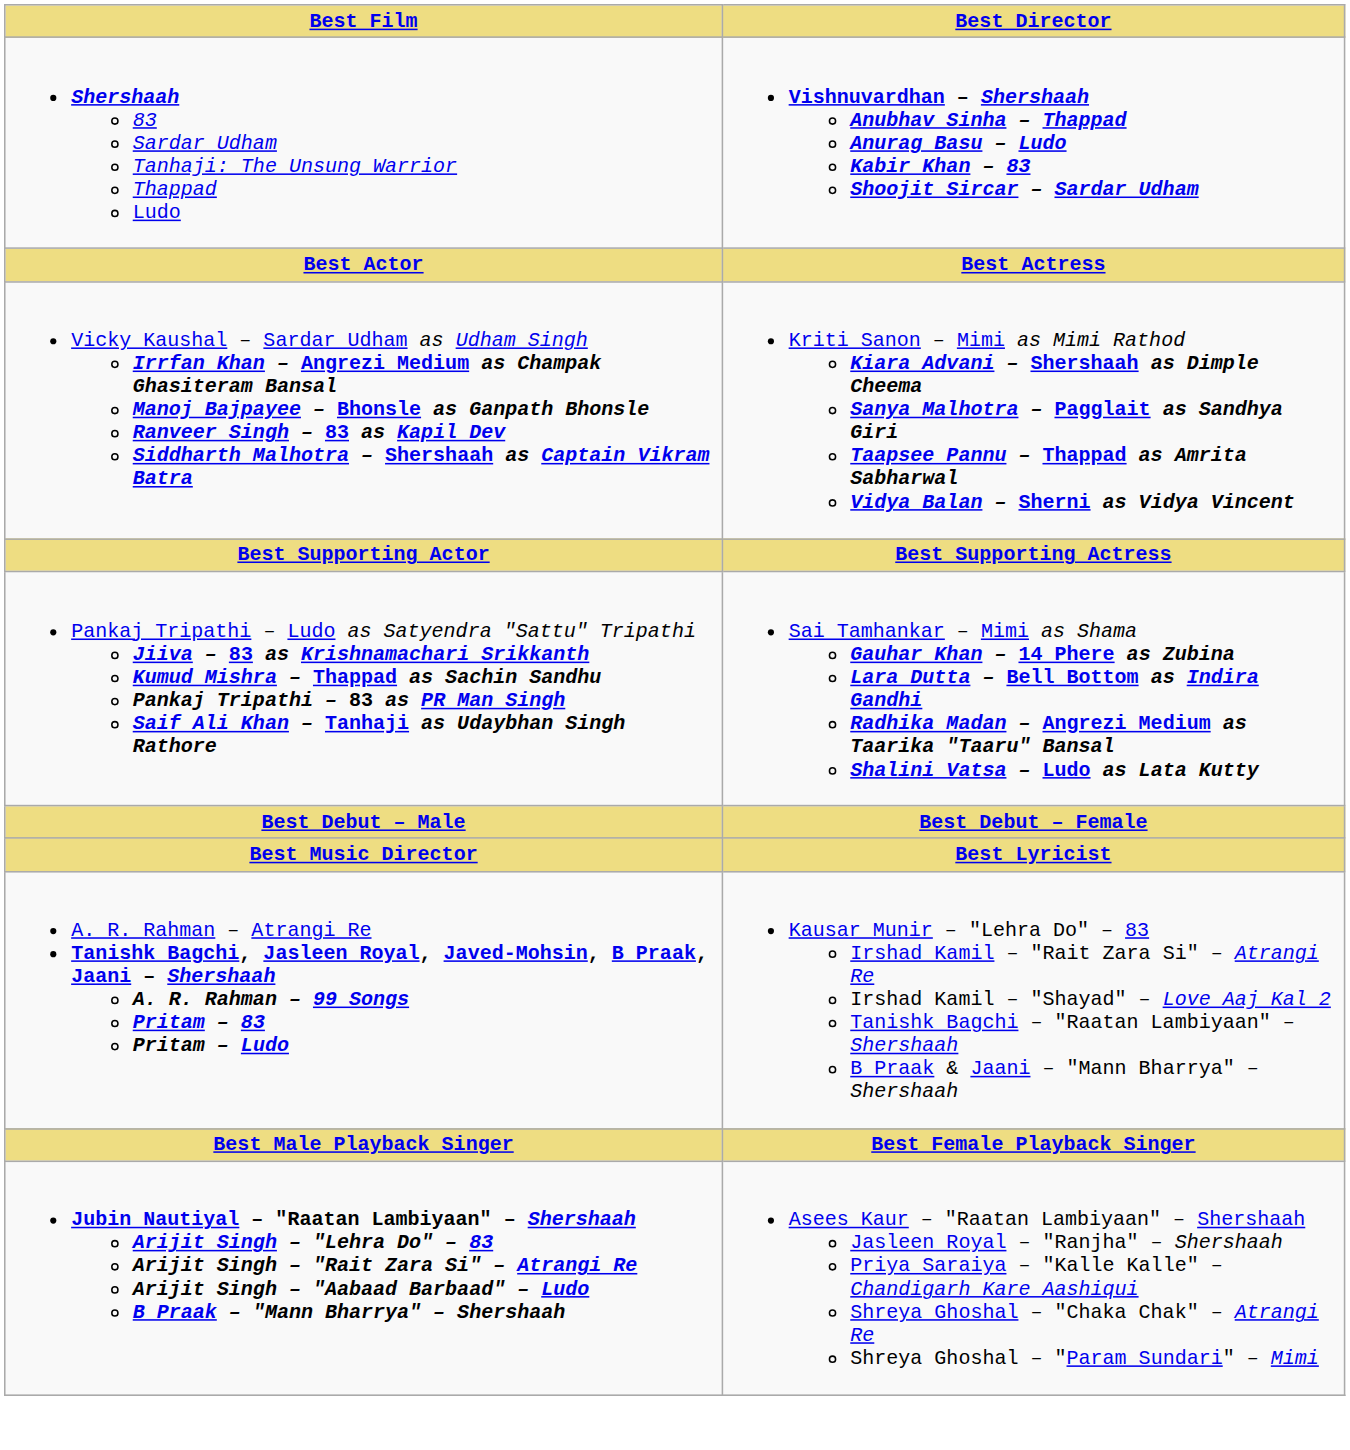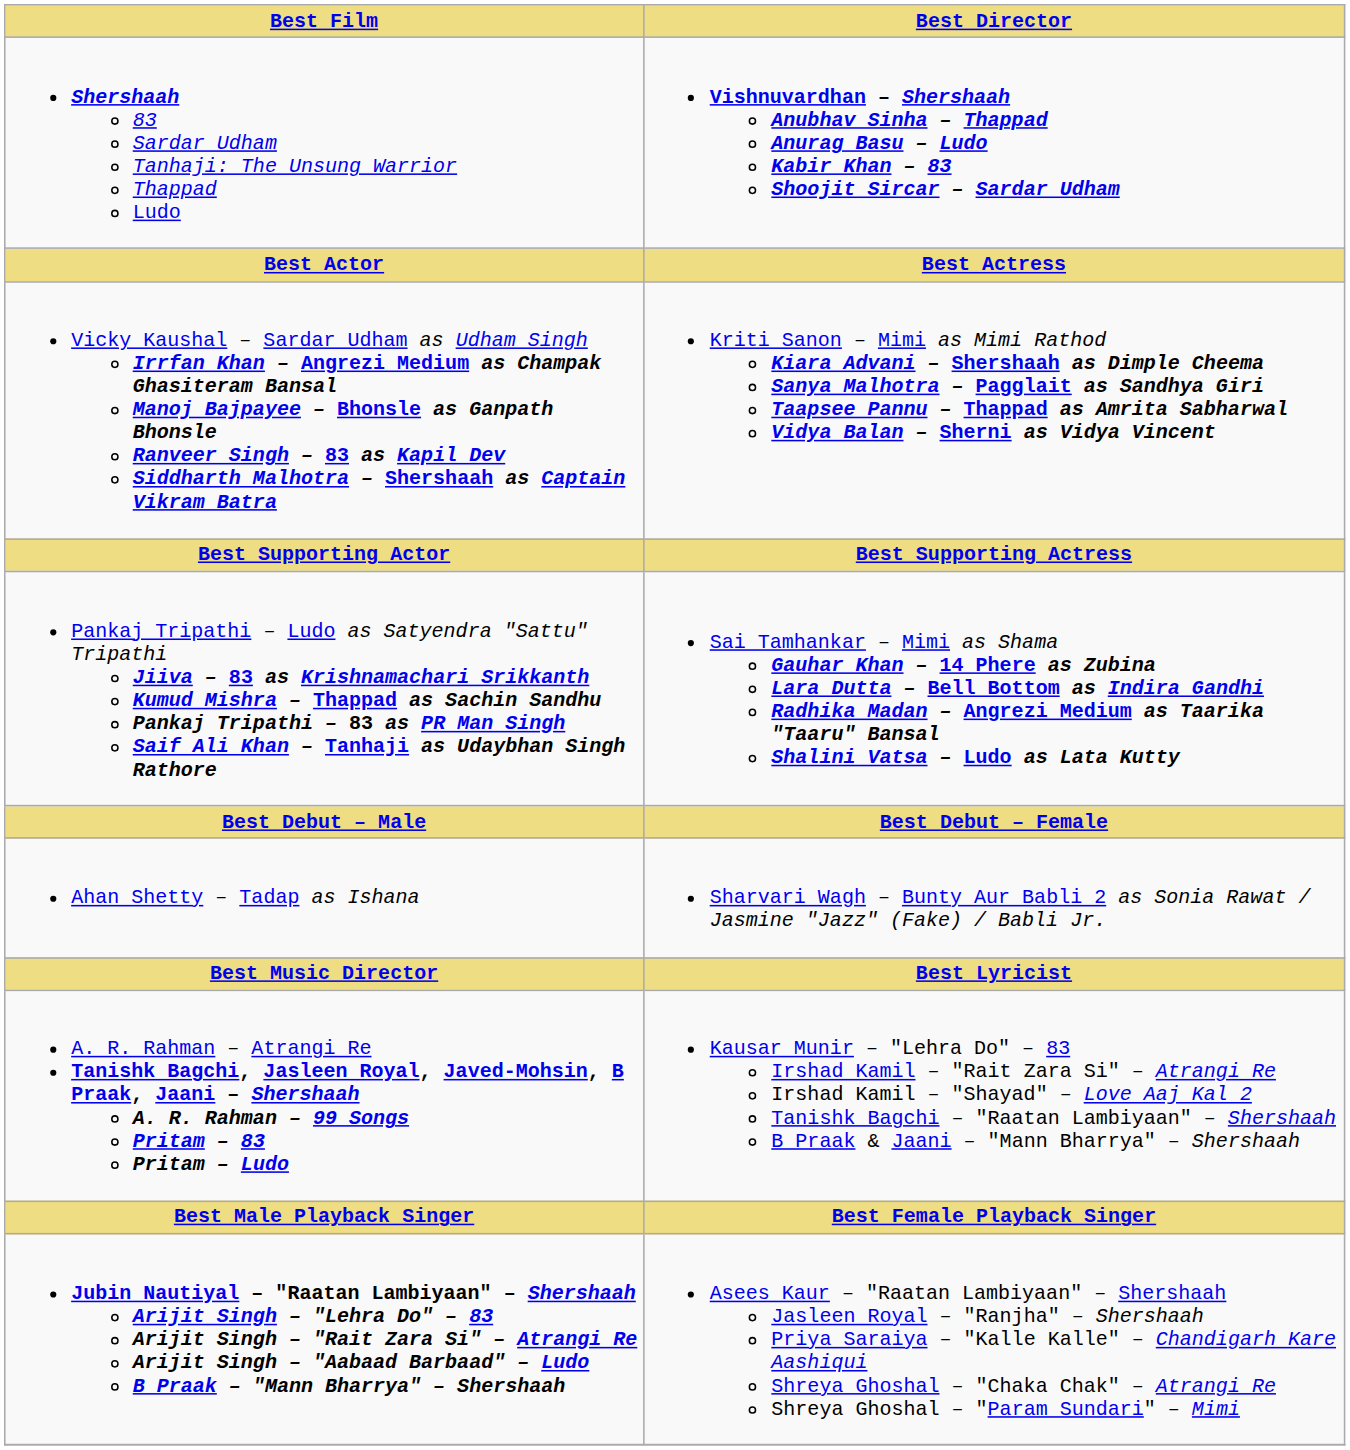 <table class="wikitable">
 <tr>
 <th ! style="background:#EEDD82;text-align:center;"><a href='#'>Best Film</a></th>
 <th ! style="background:#eedd82;text-align:center;"><a href='#'>Best Director</a></th>
 </tr>
 <tr>
 <td valign="top"><br><ul><li><strong><em><a href='#'>Shershaah</a></em></strong><ul><li><em><a href='#'>83</a></em></li><li><em><a href='#'>Sardar Udham</a></em></li><li><em><a href='#'>Tanhaji: The Unsung Warrior</a></em></li><li><em><a href='#'>Thappad</a></em></li><li><a href='#'>Ludo</a></li></ul></li></ul></td>
 <td valign="top"><br><ul><li><strong><a href='#'>Vishnuvardhan</a> – <em><a href='#'>Shershaah</a><strong><em><ul><li><a href='#'>Anubhav Sinha</a> – </em><a href='#'>Thappad</a><em></li><li><a href='#'>Anurag Basu</a> – </em><a href='#'>Ludo</a><em></li><li><a href='#'>Kabir Khan</a> – </em><a href='#'>83</a><em></li><li><a href='#'>Shoojit Sircar</a> – </em><a href='#'>Sardar Udham</a><em></li></ul></li></ul></td>
 </tr>
 <tr>
 <th ! style="background:#EEDD82;text-align:center;"><a href='#'>Best Actor</a></th>
 <th ! style="background:#eedd82;text-align:center;"><a href='#'>Best Actress</a></th>
 </tr>
 <tr>
 <td valign="top"><br><ul><li></strong><a href='#'>Vicky Kaushal</a> – </em><a href='#'>Sardar Udham</a><em> as <a href='#'>Udham Singh</a><strong><ul><li><a href='#'>Irrfan Khan</a> – </em><a href='#'>Angrezi Medium</a><em> as Champak Ghasiteram Bansal</li><li><a href='#'>Manoj Bajpayee</a> – </em><a href='#'>Bhonsle</a><em> as Ganpath Bhonsle</li><li><a href='#'>Ranveer Singh</a> – </em><a href='#'>83</a><em> as <a href='#'>Kapil Dev</a></li><li><a href='#'>Siddharth Malhotra</a> – </em><a href='#'>Shershaah</a><em> as <a href='#'>Captain Vikram Batra</a></li></ul></li></ul></td>
 <td valign="top"><br><ul><li></strong><a href='#'>Kriti Sanon</a> – </em><a href='#'>Mimi</a><em> as Mimi Rathod<strong><ul><li><a href='#'>Kiara Advani</a> – </em><a href='#'>Shershaah</a><em> as Dimple Cheema</li><li><a href='#'>Sanya Malhotra</a> – </em><a href='#'>Pagglait</a><em> as Sandhya Giri</li><li><a href='#'>Taapsee Pannu</a> – </em><a href='#'>Thappad</a><em> as Amrita Sabharwal</li><li><a href='#'>Vidya Balan</a> – </em><a href='#'>Sherni</a><em> as Vidya Vincent</li></ul></li></ul></td>
 </tr>
 <tr>
 <th ! style="background:#EEDD82;text-align:center;"><a href='#'>Best Supporting Actor</a></th>
 <th ! style="background:#eedd82;text-align:center;"><a href='#'>Best Supporting Actress</a></th>
 </tr>
 <tr>
 <td valign="top"><br><ul><li></strong><a href='#'>Pankaj Tripathi</a> – </em><a href='#'>Ludo</a><em> as Satyendra "Sattu" Tripathi<strong><ul><li><a href='#'>Jiiva</a> – </em><a href='#'>83</a><em> as <a href='#'>Krishnamachari Srikkanth</a></li><li><a href='#'>Kumud Mishra</a> – </em><a href='#'>Thappad</a><em> as Sachin Sandhu</li><li>Pankaj Tripathi – </em>83<em> as <a href='#'>PR Man Singh</a></li><li><a href='#'>Saif Ali Khan</a> – </em><a href='#'>Tanhaji</a><em> as Udaybhan Singh Rathore</li></ul></li></ul></td>
 <td><br><ul><li></strong><a href='#'>Sai Tamhankar</a> – </em><a href='#'>Mimi</a><em> as Shama<strong><ul><li><a href='#'>Gauhar Khan</a> – </em><a href='#'>14 Phere</a><em> as Zubina</li><li><a href='#'>Lara Dutta</a> – </em><a href='#'>Bell Bottom</a><em> as <a href='#'>Indira Gandhi</a></li><li><a href='#'>Radhika Madan</a> – </em><a href='#'>Angrezi Medium</a><em> as Taarika "Taaru" Bansal</li><li><a href='#'>Shalini Vatsa</a> – </em><a href='#'>Ludo</a><em> as Lata Kutty</li></ul></li></ul></td>
 </tr>
 <tr>
 <th ! style="background:#EEDD82;text-align:center;"><a href='#'>Best Debut – Male</a></th>
 <th ! style="background:#eedd82;text-align:center;"><a href='#'>Best Debut – Female</a></th>
 </tr>
 <tr>
+<td valign="top"><br><ul><li></strong><a href='#'>Ahan Shetty</a> – </em><a href='#'>Tadap</a><em> as Ishana<strong></li></ul></td>
+<td valign="top"><br><ul><li></strong><a href='#'>Sharvari Wagh</a> – </em><a href='#'>Bunty Aur Babli 2</a><em> as Sonia Rawat / Jasmine "Jazz" (Fake) / Babli Jr.<strong></li></ul></td>
+</tr>
+<tr>
 <th ! style="background:#eedd82; text-align:center;"><a href='#'>Best Music Director</a></th>
 <th ! style="background:#eedd82; text-align:center;"><a href='#'>Best Lyricist</a></th>
 </tr>
 <tr>
 <td valign="top"><br><ul><li></strong><a href='#'>A. R. Rahman</a> – </em><a href='#'>Atrangi Re</a></em></strong></li><li><strong><a href='#'>Tanishk  Bagchi</a>, <a href='#'>Jasleen Royal</a>, <a href='#'>Javed-Mohsin</a>, <a href='#'>B Praak</a>, <a href='#'>Jaani</a> – <em><a href='#'>Shershaah</a><strong><em> <ul><li>A. R. Rahman – </em><a href='#'> 99 Songs</a><em></li><li><a href='#'>Pritam</a> – </em><a href='#'>83</a><em></li><li>Pritam – </em><a href='#'>Ludo</a><em></li></ul></li></ul></td>
 <td valign="top"><br><ul><li></strong><a href='#'>Kausar Munir</a> – "Lehra Do" – </em><a href='#'>83</a></em></strong><ul><li><a href='#'>Irshad Kamil</a> – "Rait Zara Si" – <em><a href='#'>Atrangi Re</a></em></li><li>Irshad Kamil – "Shayad" – <em><a href='#'>Love Aaj Kal 2</a></em></li><li><a href='#'>Tanishk Bagchi</a> – "Raatan Lambiyaan" – <em><a href='#'>Shershaah</a></em></li><li><a href='#'>B Praak</a> & <a href='#'>Jaani</a> – "Mann Bharrya" – <em>Shershaah</em></li></ul></li></ul></td>
 </tr>
 <tr>
 <th ! style="background:#eedd82; text-align:center;"><a href='#'>Best Male Playback Singer</a></th>
 <th ! style="background:#eedd82; text-align:center;"><a href='#'>Best Female Playback Singer</a></th>
 </tr>
 <tr>
 <td valign="top"><br><ul><li><strong><a href='#'>Jubin Nautiyal</a> – "Raatan Lambiyaan" – <em><a href='#'>Shershaah</a><strong><em><ul><li><a href='#'>Arijit Singh</a> – "Lehra Do" – </em><a href='#'>83</a><em></li><li>Arijit Singh – "Rait Zara Si" – </em><a href='#'>Atrangi Re</a><em></li><li>Arijit Singh – "Aabaad Barbaad" – </em><a href='#'>Ludo</a><em></li><li><a href='#'>B Praak</a> – "Mann Bharrya" – </em>Shershaah<em></li></ul></li></ul></td>
 <td valign="top"><br><ul><li></strong><a href='#'>Asees Kaur</a> – "Raatan Lambiyaan" – </em><a href='#'>Shershaah</a></em></strong><ul><li><a href='#'>Jasleen Royal</a> – "Ranjha" – <em>Shershaah</em></li><li><a href='#'>Priya Saraiya</a> – "Kalle Kalle" – <em><a href='#'>Chandigarh Kare Aashiqui</a></em></li><li><a href='#'>Shreya Ghoshal</a> – "Chaka Chak" – <em><a href='#'>Atrangi Re</a></em></li><li>Shreya Ghoshal – "<a href='#'>Param Sundari</a>" – <em><a href='#'>Mimi</a></em></li></ul></li></ul></td>
 </tr>
 <tr>
 </tr>
 </table>
